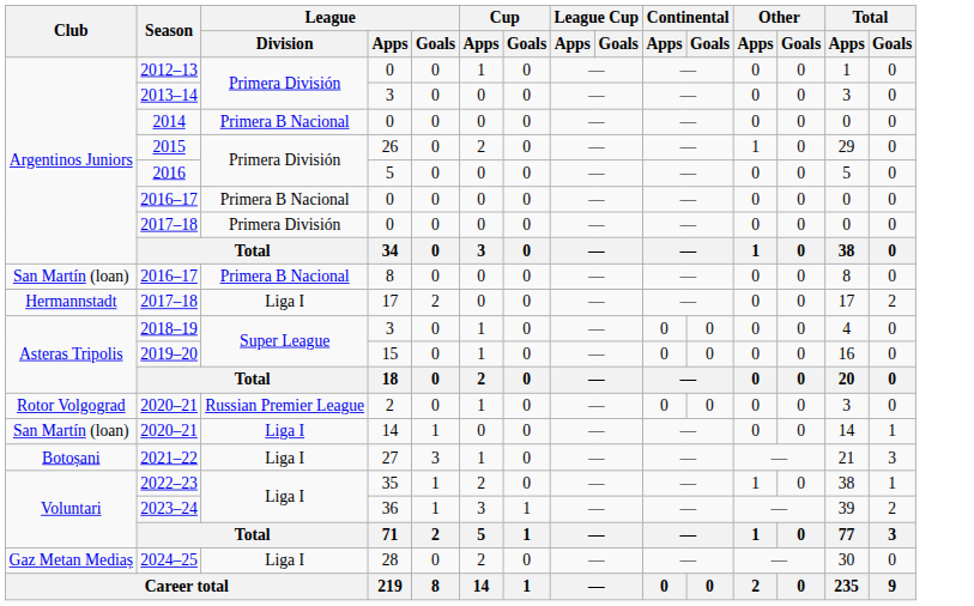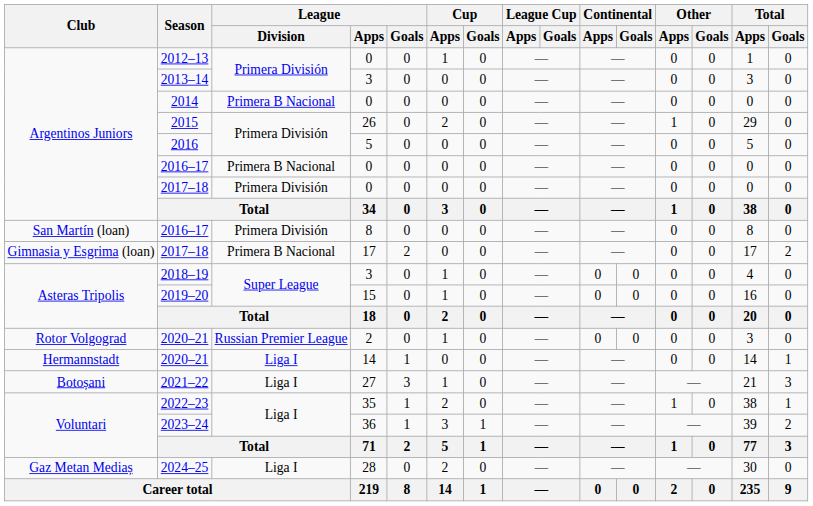 <table class="wikitable" style="text-align:center">
 <tr>
 <th rowspan="2">Club</th>
 <th rowspan="2">Season</th>
 <th colspan="3">League</th>
 <th colspan="2">Cup</th>
 <th colspan="2">League Cup</th>
 <th colspan="2">Continental</th>
 <th colspan="2">Other</th>
 <th colspan="2">Total</th>
 </tr>
 <tr>
 <th>Division</th>
 <th>Apps</th>
 <th>Goals</th>
 <th>Apps</th>
 <th>Goals</th>
 <th>Apps</th>
 <th>Goals</th>
 <th>Apps</th>
 <th>Goals</th>
 <th>Apps</th>
 <th>Goals</th>
 <th>Apps</th>
 <th>Goals</th>
 </tr>
 <tr>
 <td rowspan="8"><a href='#'>Argentinos Juniors</a></td>
 <td><a href='#'>2012–13</a></td>
 <td rowspan="2"><a href='#'>Primera División</a></td>
 <td>0</td>
 <td>0</td>
 <td>1</td>
 <td>0</td>
 <td colspan="2">—</td>
 <td colspan="2">—</td>
 <td>0</td>
 <td>0</td>
 <td>1</td>
 <td>0</td>
 </tr>
 <tr>
 <td><a href='#'>2013–14</a></td>
 <td>3</td>
 <td>0</td>
 <td>0</td>
 <td>0</td>
 <td colspan="2">—</td>
 <td colspan="2">—</td>
 <td>0</td>
 <td>0</td>
 <td>3</td>
 <td>0</td>
 </tr>
 <tr>
 <td><a href='#'>2014</a></td>
 <td rowspan="1"><a href='#'>Primera B Nacional</a></td>
 <td>0</td>
 <td>0</td>
 <td>0</td>
 <td>0</td>
 <td colspan="2">—</td>
 <td colspan="2">—</td>
 <td>0</td>
 <td>0</td>
 <td>0</td>
 <td>0</td>
 </tr>
 <tr>
 <td><a href='#'>2015</a></td>
 <td rowspan="2">Primera División</td>
 <td>26</td>
 <td>0</td>
 <td>2</td>
 <td>0</td>
 <td colspan="2">—</td>
 <td colspan="2">—</td>
 <td>1</td>
 <td>0</td>
 <td>29</td>
 <td>0</td>
 </tr>
 <tr>
 <td><a href='#'>2016</a></td>
 <td>5</td>
 <td>0</td>
 <td>0</td>
 <td>0</td>
 <td colspan="2">—</td>
 <td colspan="2">—</td>
 <td>0</td>
 <td>0</td>
 <td>5</td>
 <td>0</td>
 </tr>
 <tr>
 <td><a href='#'>2016–17</a></td>
 <td rowspan="1">Primera B Nacional</td>
 <td>0</td>
 <td>0</td>
 <td>0</td>
 <td>0</td>
 <td colspan="2">—</td>
 <td colspan="2">—</td>
 <td>0</td>
 <td>0</td>
 <td>0</td>
 <td>0</td>
 </tr>
 <tr>
 <td><a href='#'>2017–18</a></td>
 <td rowspan="1">Primera División</td>
 <td>0</td>
 <td>0</td>
 <td>0</td>
 <td>0</td>
 <td colspan="2">—</td>
 <td colspan="2">—</td>
 <td>0</td>
 <td>0</td>
 <td>0</td>
 <td>0</td>
 </tr>
 <tr>
 <th colspan="2">Total</th>
 <th>34</th>
 <th>0</th>
 <th>3</th>
 <th>0</th>
 <th colspan="2">—</th>
 <th colspan="2">—</th>
 <th>1</th>
 <th>0</th>
 <th>38</th>
 <th>0</th>
 </tr>
 <tr>
 <td rowspan="1"><a href='#'>San Martín</a> (loan)</td>
 <td><a href='#'>2016–17</a></td>
-<td rowspan="1"><a href='#'>Primera B Nacional</a></td>
+<td rowspan="1">Primera División</td>
 <td>8</td>
 <td>0</td>
 <td>0</td>
 <td>0</td>
 <td colspan="2">—</td>
 <td colspan="2">—</td>
 <td>0</td>
 <td>0</td>
 <td>8</td>
 <td>0</td>
 </tr>
 <tr>
-<td rowspan="1"><a href='#'>Hermannstadt</a></td>
+<td rowspan="1"><a href='#'>Gimnasia y Esgrima</a> (loan)</td>
 <td><a href='#'>2017–18</a></td>
-<td rowspan="1">Liga I</td>
+<td rowspan="1">Primera B Nacional</td>
 <td>17</td>
 <td>2</td>
 <td>0</td>
 <td>0</td>
 <td colspan="2">—</td>
 <td colspan="2">—</td>
 <td>0</td>
 <td>0</td>
 <td>17</td>
 <td>2</td>
 </tr>
 <tr>
 <td rowspan="3"><a href='#'>Asteras Tripolis</a></td>
 <td><a href='#'>2018–19</a></td>
 <td rowspan="2"><a href='#'>Super League</a></td>
 <td>3</td>
 <td>0</td>
 <td>1</td>
 <td>0</td>
 <td colspan="2">—</td>
 <td>0</td>
 <td>0</td>
 <td>0</td>
 <td>0</td>
 <td>4</td>
 <td>0</td>
 </tr>
 <tr>
 <td><a href='#'>2019–20</a></td>
 <td>15</td>
 <td>0</td>
 <td>1</td>
 <td>0</td>
 <td colspan="2">—</td>
 <td>0</td>
 <td>0</td>
 <td>0</td>
 <td>0</td>
 <td>16</td>
 <td>0</td>
 </tr>
 <tr>
 <th colspan="2">Total</th>
 <th>18</th>
 <th>0</th>
 <th>2</th>
 <th>0</th>
 <th colspan="2">—</th>
 <th colspan="2">—</th>
 <th>0</th>
 <th>0</th>
 <th>20</th>
 <th>0</th>
 </tr>
 <tr>
 <td rowspan="1"><a href='#'>Rotor Volgograd</a></td>
 <td><a href='#'>2020–21</a></td>
 <td rowspan="1"><a href='#'>Russian Premier League</a></td>
 <td>2</td>
 <td>0</td>
 <td>1</td>
 <td>0</td>
 <td colspan="2">—</td>
 <td>0</td>
 <td>0</td>
 <td>0</td>
 <td>0</td>
 <td>3</td>
 <td>0</td>
 </tr>
 <tr>
-<td rowspan="1"><a href='#'>San Martín</a> (loan)</td>
+<td rowspan="1"><a href='#'>Hermannstadt</a></td>
 <td><a href='#'>2020–21</a></td>
 <td rowspan="1"><a href='#'>Liga I</a></td>
 <td>14</td>
 <td>1</td>
 <td>0</td>
 <td>0</td>
 <td colspan="2">—</td>
 <td colspan="2">—</td>
 <td>0</td>
 <td>0</td>
 <td>14</td>
 <td>1</td>
 </tr>
 <tr>
 <td rowspan="1"><a href='#'>Botoșani</a></td>
 <td><a href='#'>2021–22</a></td>
 <td rowspan="1">Liga I</td>
 <td>27</td>
 <td>3</td>
 <td>1</td>
 <td>0</td>
 <td colspan="2">—</td>
 <td colspan="2">—</td>
 <td colspan="2">—</td>
 <td>21</td>
 <td>3</td>
 </tr>
 <tr>
 <td rowspan="3"><a href='#'>Voluntari</a></td>
 <td><a href='#'>2022–23</a></td>
 <td rowspan="2">Liga I</td>
 <td>35</td>
 <td>1</td>
 <td>2</td>
 <td>0</td>
 <td colspan="2">—</td>
 <td colspan="2">—</td>
 <td>1</td>
 <td>0</td>
 <td>38</td>
 <td>1</td>
 </tr>
 <tr>
 <td><a href='#'>2023–24</a></td>
 <td>36</td>
 <td>1</td>
 <td>3</td>
 <td>1</td>
 <td colspan="2">—</td>
 <td colspan="2">—</td>
 <td colspan="2">—</td>
 <td>39</td>
 <td>2</td>
 </tr>
 <tr>
 <th colspan="2">Total</th>
 <th>71</th>
 <th>2</th>
 <th>5</th>
 <th>1</th>
 <th colspan="2">—</th>
 <th colspan="2">—</th>
 <th>1</th>
 <th>0</th>
 <th>77</th>
 <th>3</th>
 </tr>
 <tr>
 <td rowspan="1"><a href='#'>Gaz Metan Mediaș</a></td>
 <td><a href='#'>2024–25</a></td>
 <td rowspan="1">Liga I</td>
 <td>28</td>
 <td>0</td>
 <td>2</td>
 <td>0</td>
 <td colspan="2">—</td>
 <td colspan="2">—</td>
 <td colspan="2">—</td>
 <td>30</td>
 <td>0</td>
 </tr>
 <tr>
 <th colspan="3">Career total</th>
 <th>219</th>
 <th>8</th>
 <th>14</th>
 <th>1</th>
 <th colspan="2">—</th>
 <th>0</th>
 <th>0</th>
 <th>2</th>
 <th>0</th>
 <th>235</th>
 <th>9</th>
 </tr>
 </table>
